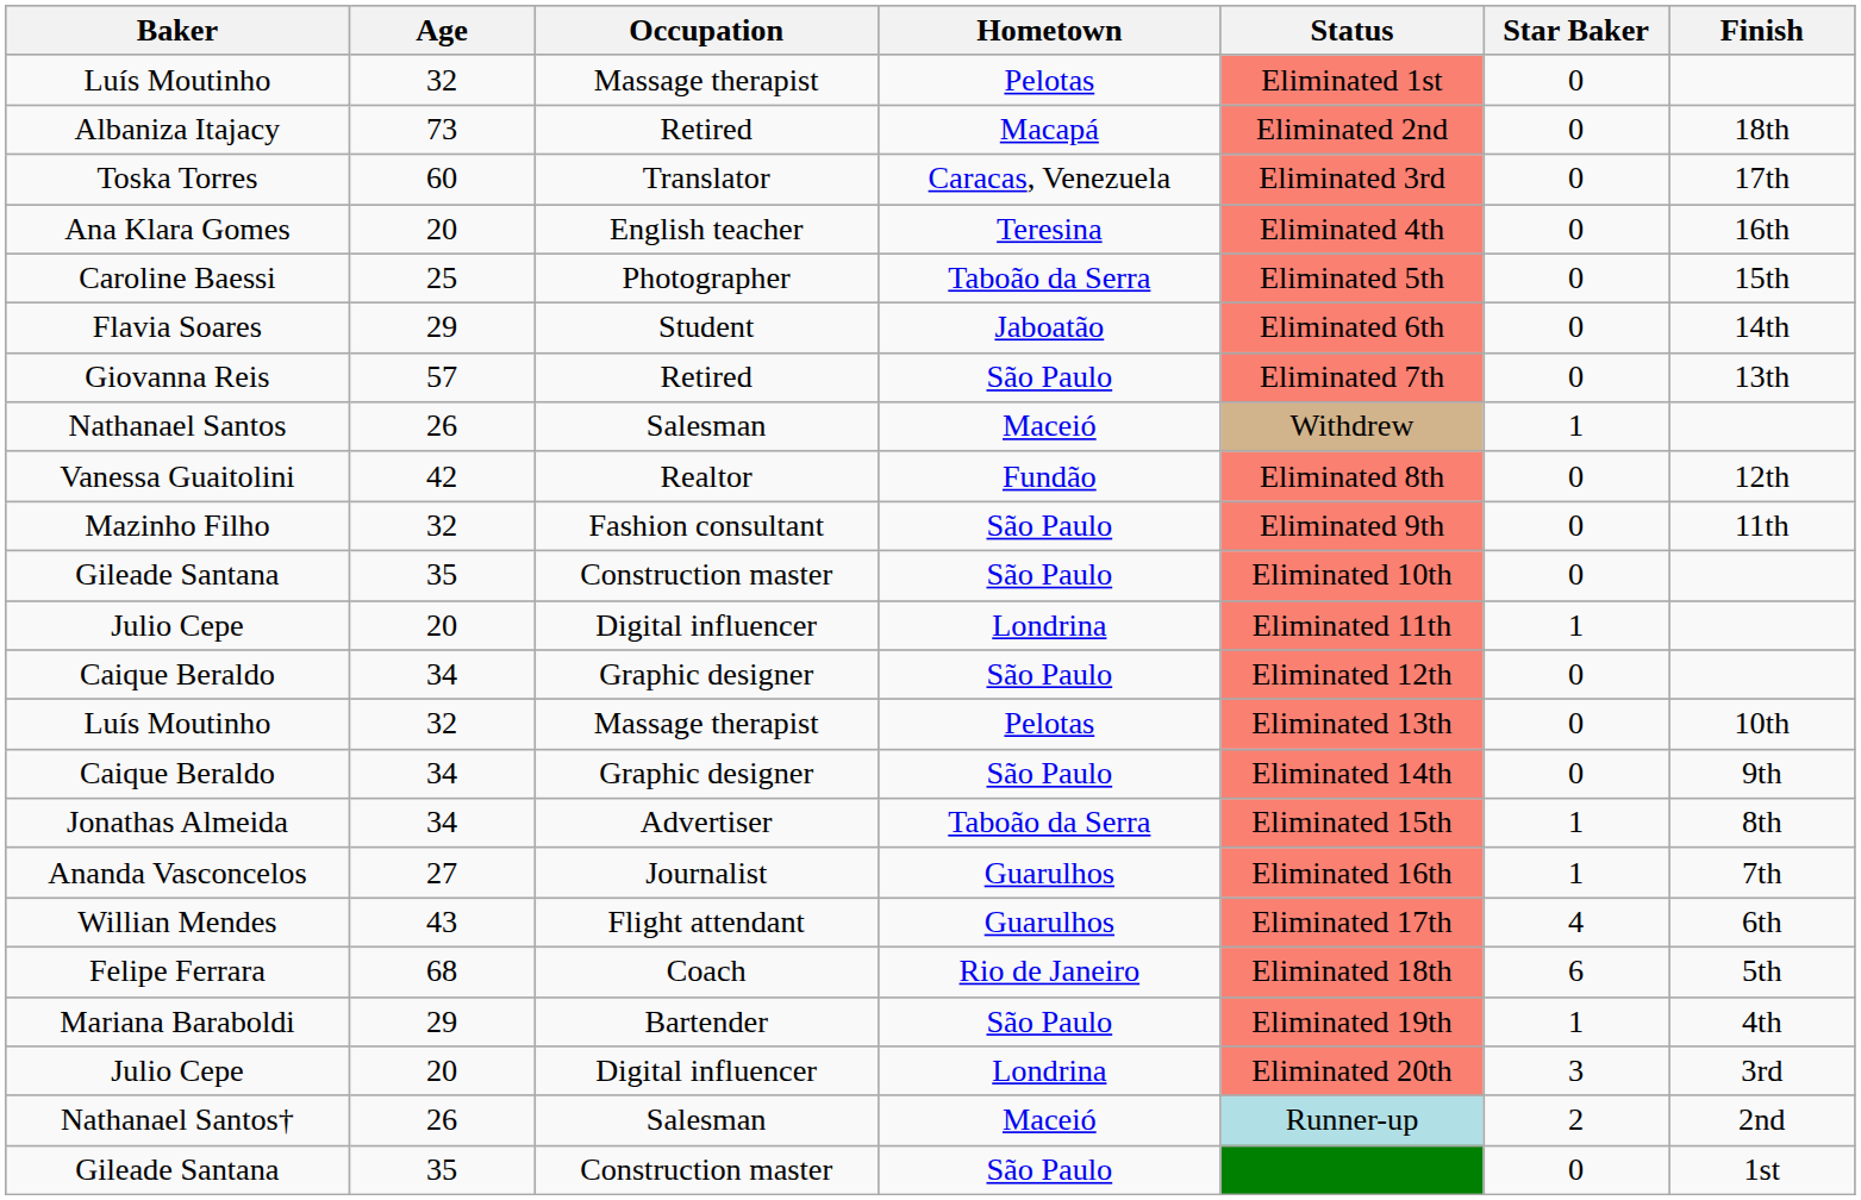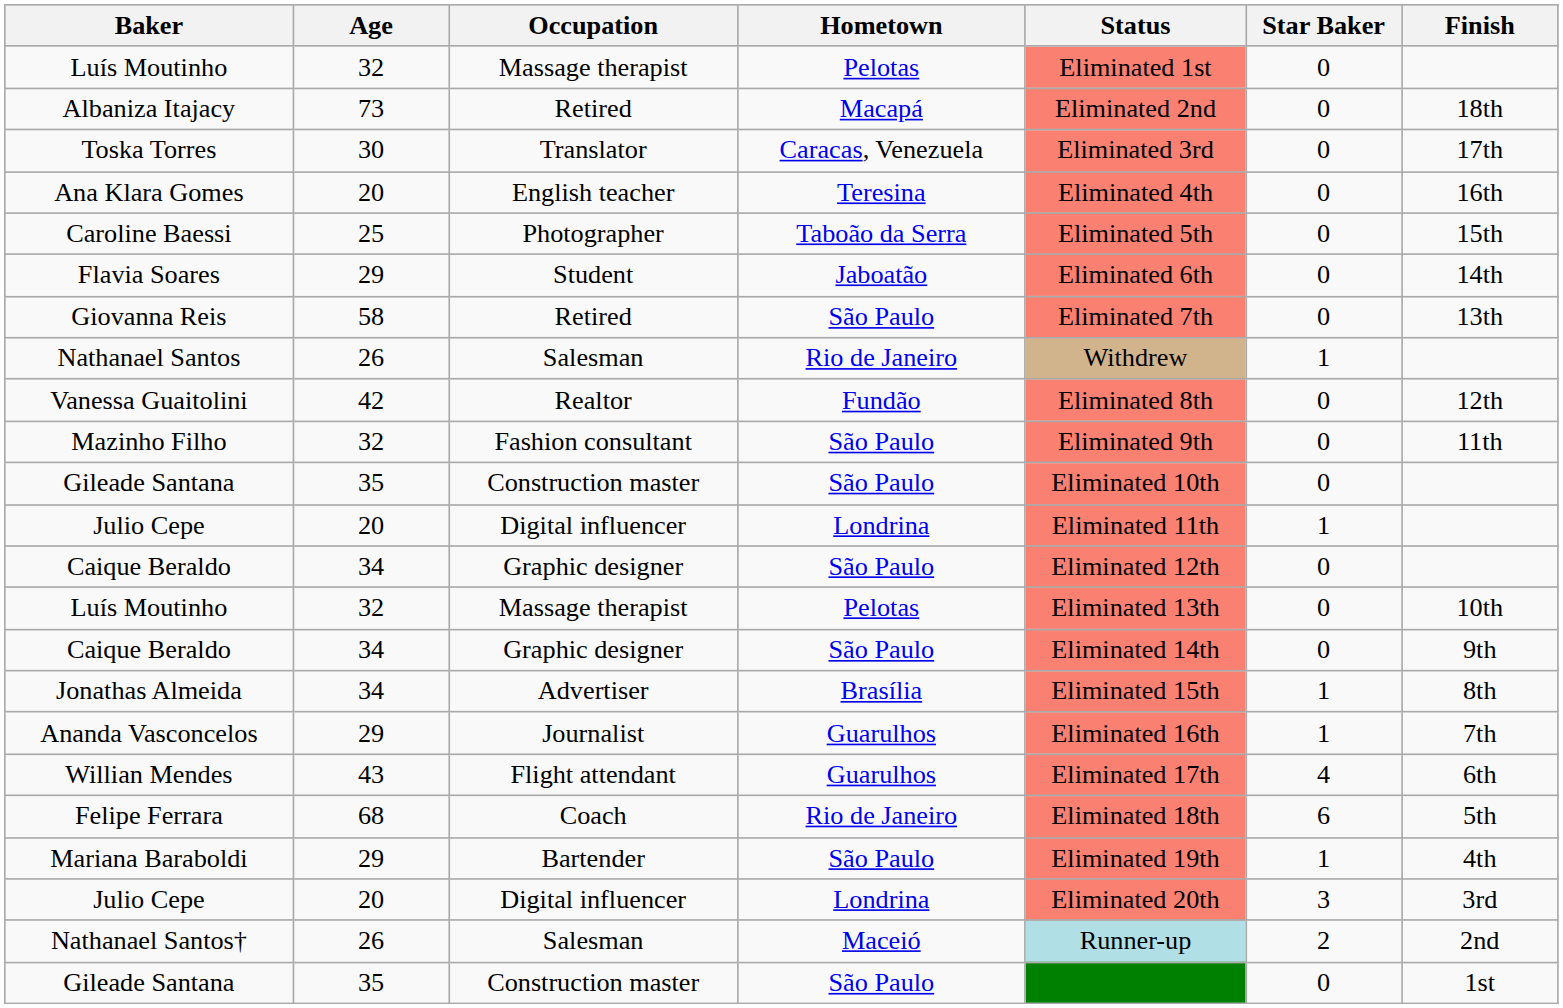 <table class="wikitable" style="text-align:center; font-size:100%; width: 75%">
 <tr>
 <th width="14.4%">Baker</th>
 <th width="07.8%">Age</th>
 <th width="14.4%">Occupation</th>
 <th width="14.4%">Hometown</th>
 <th width="11.0%">Status</th>
 <th width="07.8%">Star Baker</th>
 <th width="07.8%">Finish</th>
 </tr>
 <tr>
 <td>Luís Moutinho</td>
 <td>32</td>
 <td>Massage therapist</td>
 <td><a href='#'>Pelotas</a></td>
 <td bgcolor=FA8072>Eliminated 1st</td>
 <td>0</td>
 <td></td>
 </tr>
 <tr>
 <td>Albaniza Itajacy</td>
 <td>73</td>
 <td>Retired</td>
 <td><a href='#'>Macapá</a></td>
 <td bgcolor=FA8072>Eliminated  2nd</td>
 <td>0</td>
 <td>18th</td>
 </tr>
 <tr>
 <td>Toska Torres</td>
-<td>60</td>
+<td>30</td>
 <td>Translator</td>
 <td><a href='#'>Caracas</a>, Venezuela</td>
 <td bgcolor=FA8072>Eliminated 3rd</td>
 <td>0</td>
 <td>17th</td>
 </tr>
 <tr>
 <td>Ana Klara Gomes</td>
 <td>20</td>
 <td>English teacher</td>
 <td><a href='#'>Teresina</a></td>
 <td bgcolor=FA8072>Eliminated 4th</td>
 <td>0</td>
 <td>16th</td>
 </tr>
 <tr>
 <td>Caroline Baessi</td>
 <td>25</td>
 <td>Photographer</td>
 <td><a href='#'>Taboão da Serra</a></td>
 <td bgcolor=FA8072>Eliminated 5th</td>
 <td>0</td>
 <td>15th</td>
 </tr>
 <tr>
 <td>Flavia Soares</td>
 <td>29</td>
 <td>Student</td>
 <td><a href='#'>Jaboatão</a></td>
 <td bgcolor=FA8072>Eliminated 6th</td>
 <td>0</td>
 <td>14th</td>
 </tr>
 <tr>
 <td>Giovanna Reis</td>
-<td>57</td>
+<td>58</td>
 <td>Retired</td>
 <td><a href='#'>São Paulo</a></td>
 <td bgcolor=FA8072>Eliminated 7th</td>
 <td>0</td>
 <td>13th</td>
 </tr>
 <tr>
 <td>Nathanael Santos</td>
 <td>26</td>
 <td>Salesman</td>
-<td><a href='#'>Maceió</a></td>
+<td><a href='#'>Rio de Janeiro</a></td>
 <td bgcolor=D2B48C>Withdrew</td>
 <td>1</td>
 <td></td>
 </tr>
 <tr>
 <td>Vanessa Guaitolini</td>
 <td>42</td>
 <td>Realtor</td>
 <td><a href='#'>Fundão</a></td>
 <td bgcolor=FA8072>Eliminated 8th</td>
 <td>0</td>
 <td>12th</td>
 </tr>
 <tr>
 <td>Mazinho Filho</td>
 <td>32</td>
 <td>Fashion consultant</td>
 <td><a href='#'>São Paulo</a></td>
 <td bgcolor=FA8072>Eliminated 9th</td>
 <td>0</td>
 <td>11th</td>
 </tr>
 <tr>
 <td>Gileade Santana</td>
 <td>35</td>
 <td>Construction master</td>
 <td><a href='#'>São Paulo</a></td>
 <td bgcolor=FA8072>Eliminated 10th</td>
 <td>0</td>
 <td></td>
 </tr>
 <tr>
 <td>Julio Cepe</td>
 <td>20</td>
 <td>Digital influencer</td>
 <td><a href='#'>Londrina</a></td>
 <td bgcolor=FA8072>Eliminated 11th</td>
 <td>1</td>
 <td></td>
 </tr>
 <tr>
 <td>Caique Beraldo</td>
 <td>34</td>
 <td>Graphic designer</td>
 <td><a href='#'>São Paulo</a></td>
 <td bgcolor=FA8072>Eliminated 12th</td>
 <td>0</td>
 <td></td>
 </tr>
 <tr>
 <td>Luís Moutinho</td>
 <td>32</td>
 <td>Massage therapist</td>
 <td><a href='#'>Pelotas</a></td>
 <td bgcolor=FA8072>Eliminated 13th</td>
 <td>0</td>
 <td>10th</td>
 </tr>
 <tr>
 <td>Caique Beraldo</td>
 <td>34</td>
 <td>Graphic designer</td>
 <td><a href='#'>São Paulo</a></td>
 <td bgcolor=FA8072>Eliminated 14th</td>
 <td>0</td>
 <td>9th</td>
 </tr>
 <tr>
 <td>Jonathas Almeida</td>
 <td>34</td>
 <td>Advertiser</td>
-<td><a href='#'>Taboão da Serra</a></td>
+<td><a href='#'>Brasília</a></td>
 <td bgcolor=FA8072>Eliminated 15th</td>
 <td>1</td>
 <td>8th</td>
 </tr>
 <tr>
 <td>Ananda Vasconcelos</td>
-<td>27</td>
+<td>29</td>
 <td>Journalist</td>
 <td><a href='#'>Guarulhos</a></td>
 <td bgcolor=FA8072>Eliminated 16th</td>
 <td>1</td>
 <td>7th</td>
 </tr>
 <tr>
 <td>Willian Mendes</td>
 <td>43</td>
 <td>Flight attendant</td>
 <td><a href='#'>Guarulhos</a></td>
 <td bgcolor=FA8072>Eliminated 17th</td>
 <td>4</td>
 <td>6th</td>
 </tr>
 <tr>
 <td>Felipe Ferrara</td>
 <td>68</td>
 <td>Coach</td>
 <td><a href='#'>Rio de Janeiro</a></td>
 <td bgcolor=FA8072>Eliminated 18th</td>
 <td>6</td>
 <td>5th</td>
 </tr>
 <tr>
 <td>Mariana Baraboldi</td>
 <td>29</td>
 <td>Bartender</td>
 <td><a href='#'>São Paulo</a></td>
 <td bgcolor=FA8072>Eliminated 19th</td>
 <td>1</td>
 <td>4th</td>
 </tr>
 <tr>
 <td>Julio Cepe</td>
 <td>20</td>
 <td>Digital influencer</td>
 <td><a href='#'>Londrina</a></td>
 <td bgcolor=FA8072>Eliminated 20th</td>
 <td>3</td>
 <td>3rd</td>
 </tr>
 <tr>
 <td>Nathanael Santos†</td>
 <td>26</td>
 <td>Salesman</td>
 <td><a href='#'>Maceió</a></td>
 <td bgcolor=B0E0E6>Runner-up</td>
 <td>2</td>
 <td>2nd</td>
 </tr>
 <tr>
 <td>Gileade Santana</td>
 <td>35</td>
 <td>Construction master</td>
 <td><a href='#'>São Paulo</a></td>
 <td bgcolor=008000></td>
 <td>0</td>
 <td>1st</td>
 </tr>
 <tr>
 </tr>
 </table>
